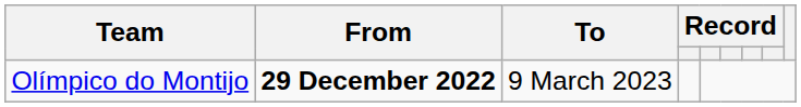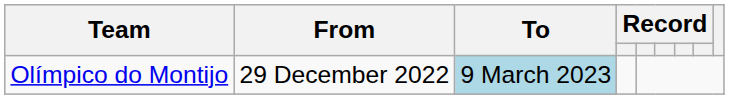 <table class=wikitable style="text-align: center">
 <tr>
 <th rowspan=2>Team</th>
 <th rowspan=2>From</th>
 <th rowspan=2>To</th>
 <th colspan=5>Record</th>
 <th rowspan=2></th>
 </tr>
 <tr>
 <th></th>
 <th></th>
 <th></th>
 <th></th>
 <th></th>
 </tr>
 <tr>
 <td align=left><a href='#'>Olímpico do Montijo</a></td>
-<td align=left><strong>29 December 2022</strong></td>
-<td align=left>9 March 2023<br></td>
+<td align=left>29 December 2022</td>
+<td align=left style="background: lightblue;">9 March 2023<br></td>
 <td></td>
 </tr>
 </table>
